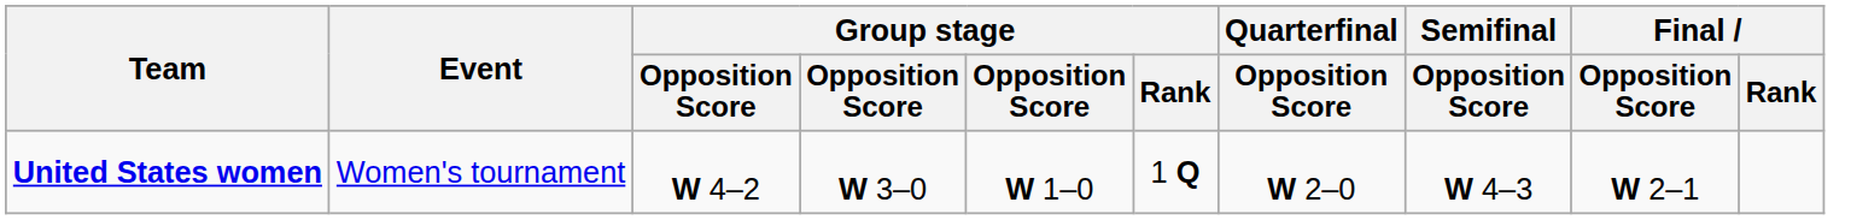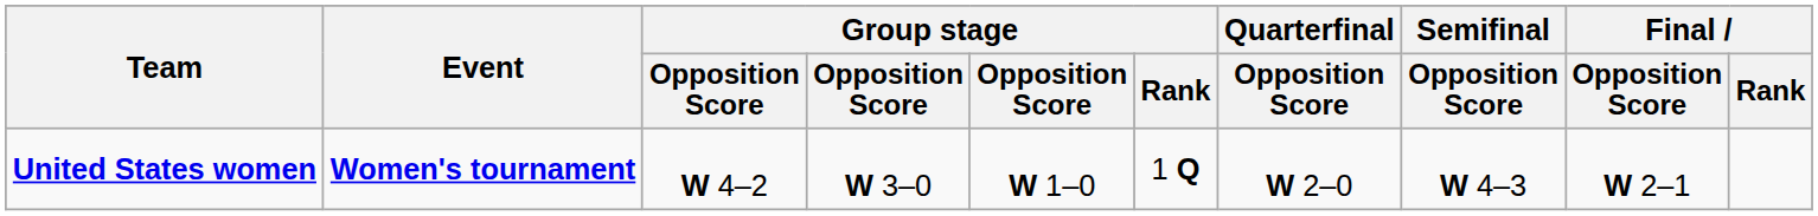 <table class=wikitable style=font-size:90%;text-align:center>
 <tr>
 <th rowspan=2>Team</th>
 <th rowspan=2>Event</th>
 <th colspan=4>Group stage</th>
 <th>Quarterfinal</th>
 <th>Semifinal</th>
 <th colspan=2>Final / </th>
 </tr>
 <tr style=font-size:95%>
 <th>Opposition<br>Score</th>
 <th>Opposition<br>Score</th>
 <th>Opposition<br>Score</th>
 <th>Rank</th>
 <th>Opposition<br>Score</th>
 <th>Opposition<br>Score</th>
 <th>Opposition<br>Score</th>
 <th>Rank</th>
 </tr>
 <tr>
 <td align=left><strong><a href='#'>United States women</a></strong></td>
-<td align=left><a href='#'>Women's tournament</a></td>
+<td align=left><strong><a href='#'>Women's tournament</a></strong></td>
 <td><br><strong>W</strong> 4–2</td>
 <td><br><strong>W</strong> 3–0</td>
 <td><br><strong>W</strong> 1–0</td>
 <td>1 <strong>Q</strong></td>
 <td><br><strong>W</strong> 2–0</td>
 <td><br><strong>W</strong> 4–3 <strong></strong></td>
 <td><br><strong>W</strong> 2–1</td>
 <td></td>
 </tr>
 </table>
